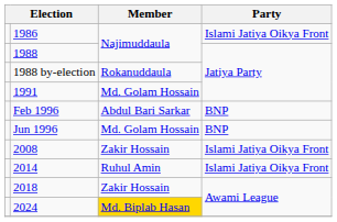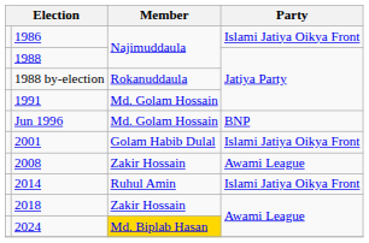 <table class="wikitable">
 <tr>
 <th colspan="2">Election</th>
 <th>Member</th>
 <th>Party</th>
 </tr>
 <tr>
 <td style="background-color:"></td>
 <td><a href='#'>1986</a></td>
 <td rowspan="2"><a href='#'>Najimuddaula</a></td>
 <td><a href='#'>Islami Jatiya Oikya Front</a></td>
 </tr>
 <tr>
 <td style="background-color:"></td>
 <td><a href='#'>1988</a></td>
 <td rowspan="3"><a href='#'>Jatiya Party</a></td>
 </tr>
 <tr>
 <td style="background-color:"></td>
 <td>1988 by-election</td>
 <td><a href='#'>Rokanuddaula</a></td>
 </tr>
 <tr>
 <td style="background-color:"></td>
 <td><a href='#'>1991</a></td>
 <td><a href='#'>Md. Golam Hossain</a></td>
 </tr>
 <tr>
 <td style="background-color:"></td>
-<td><a href='#'>Feb 1996</a></td>
-<td><a href='#'>Abdul Bari Sarkar</a></td>
-<td><a href='#'>BNP</a></td>
-</tr>
-<tr>
-<td style="background-color:"></td>
 <td><a href='#'>Jun 1996</a></td>
 <td><a href='#'>Md. Golam Hossain</a></td>
 <td><a href='#'>BNP</a></td>
 </tr>
 <tr>
 <td style="background-color:"></td>
+<td><a href='#'>2001</a></td>
+<td><a href='#'>Golam Habib Dulal</a></td>
+<td><a href='#'>Islami Jatiya Oikya Front</a></td>
+</tr>
+<tr>
+<td style="background-color:"></td>
 <td><a href='#'>2008</a></td>
 <td><a href='#'>Zakir Hossain</a></td>
-<td><a href='#'>Islami Jatiya Oikya Front</a></td>
+<td><a href='#'>Awami League</a></td>
 </tr>
 <tr>
 <td style="background-color:"></td>
 <td><a href='#'>2014</a></td>
 <td><a href='#'>Ruhul Amin</a></td>
 <td><a href='#'>Islami Jatiya Oikya Front</a></td>
 </tr>
 <tr>
 <td style="background-color:"></td>
 <td><a href='#'>2018</a></td>
 <td><a href='#'>Zakir Hossain</a></td>
 <td rowspan="2"><a href='#'>Awami League</a></td>
 </tr>
 <tr>
 <td style="background-color:"></td>
 <td><a href='#'>2024</a></td>
 <td style="background: gold;"><a href='#'>Md. Biplab Hasan</a></td>
 </tr>
 <tr>
 </tr>
 </table>
